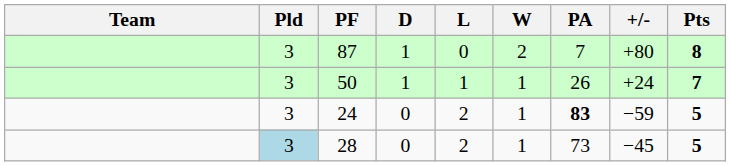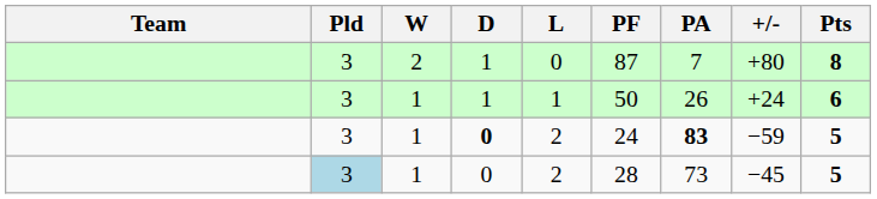 <table class="wikitable" style="text-align: center;">
 <tr>
 <th width="200">Team</th>
 <th width="40">Pld</th>
-<th width="40">PF</th>
+<th width="40">W</th>
 <th width="40">D</th>
 <th width="40">L</th>
-<th width="40">W</th>
+<th width="40">PF</th>
 <th width="40">PA</th>
 <th width="40">+/-</th>
 <th width="40">Pts</th>
 </tr>
 <tr style="background-color:#ccffcc">
 <td style="text-align:left;"></td>
 <td>3</td>
-<td>87</td>
+<td>2</td>
 <td>1</td>
 <td>0</td>
-<td>2</td>
+<td>87</td>
 <td>7</td>
 <td>+80</td>
 <td><strong>8</strong></td>
 </tr>
 <tr style="background-color:#ccffcc">
 <td style="text-align:left;"></td>
 <td>3</td>
-<td>50</td>
 <td>1</td>
 <td>1</td>
 <td>1</td>
+<td>50</td>
 <td>26</td>
 <td>+24</td>
-<td><strong>7</strong></td>
+<td><strong>6</strong></td>
 </tr>
 <tr>
 <td style="text-align:left;"></td>
 <td>3</td>
+<td>1</td>
+<td><strong>0</strong></td>
+<td>2</td>
 <td>24</td>
-<td>0</td>
-<td>2</td>
-<td>1</td>
 <td><strong>83</strong></td>
 <td>−59</td>
 <td><strong>5</strong></td>
 </tr>
 <tr>
 <td style="text-align:left;"></td>
 <td style="background: lightblue;">3</td>
-<td>28</td>
+<td>1</td>
 <td>0</td>
 <td>2</td>
-<td>1</td>
+<td>28</td>
 <td>73</td>
 <td>−45</td>
 <td><strong>5</strong></td>
 </tr>
 </table>
